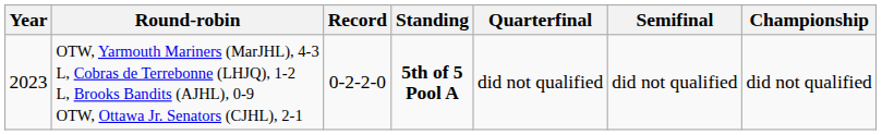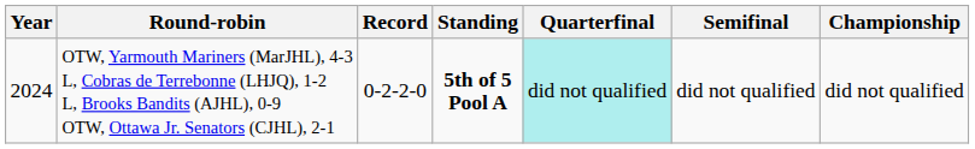 <table class="wikitable" style="text-align:center;">
 <tr>
 <th>Year</th>
 <th>Round-robin</th>
 <th>Record</th>
 <th>Standing</th>
 <th>Quarterfinal</th>
 <th>Semifinal</th>
 <th>Championship</th>
 </tr>
 <tr>
-<td>2023</td>
+<td>2024</td>
 <td align=left><small>OTW, <a href='#'>Yarmouth Mariners</a> (MarJHL), 4-3<br>L, <a href='#'>Cobras de Terrebonne</a> (LHJQ), 1-2<br>L, <a href='#'>Brooks Bandits</a> (AJHL), 0-9<br>OTW, <a href='#'>Ottawa Jr. Senators</a> (CJHL), 2-1</small></td>
 <td>0-2-2-0</td>
 <td><strong>5th of 5 <br>Pool A</strong></td>
-<td>did not qualified</td>
+<td style="background: paleturquoise;">did not qualified</td>
 <td>did not qualified</td>
 <td>did not qualified</td>
 </tr>
 </table>
